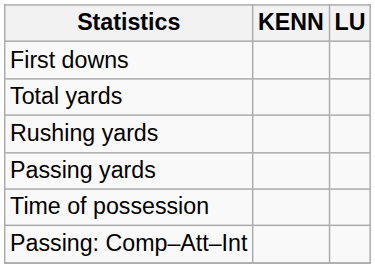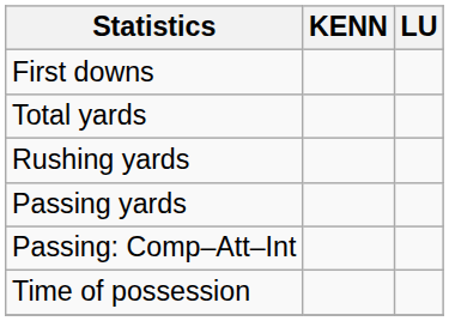 <table class="wikitable" style="float: left;">
 <tr>
 <th>Statistics</th>
 <th>KENN</th>
 <th>LU</th>
 </tr>
 <tr>
 <td>First downs</td>
 <td></td>
 <td></td>
 </tr>
 <tr>
 <td>Total yards</td>
 <td></td>
 <td></td>
 </tr>
 <tr>
 <td>Rushing yards</td>
 <td></td>
 <td></td>
 </tr>
 <tr>
 <td>Passing yards</td>
 <td></td>
 <td></td>
 </tr>
 <tr>
-<td>Time of possession</td>
+<td>Passing: Comp–Att–Int</td>
 <td></td>
 <td></td>
 </tr>
 <tr>
-<td>Passing: Comp–Att–Int</td>
+<td>Time of possession</td>
 <td></td>
 <td></td>
 </tr>
 <tr>
 </tr>
 </table>
